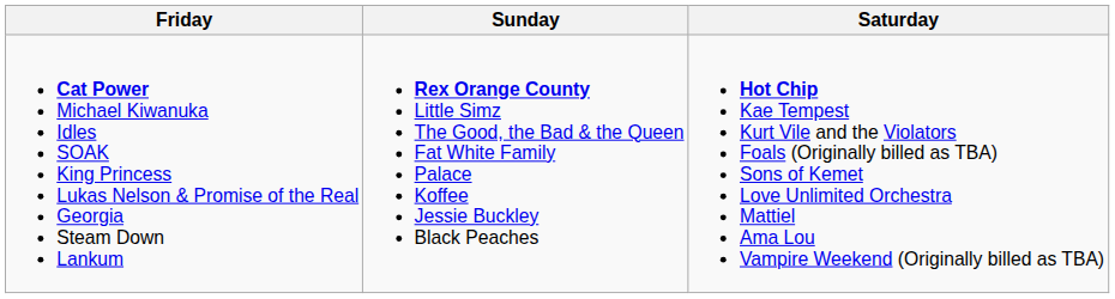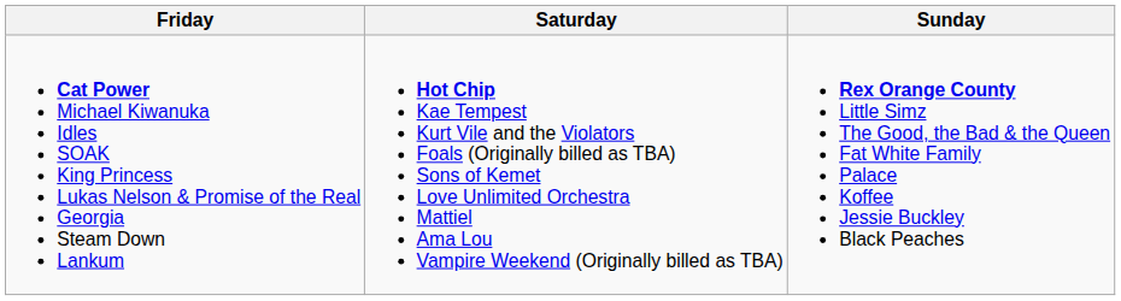 <table class="wikitable">
 <tr>
 <th>Friday</th>
+<th>Saturday</th>
 <th>Sunday</th>
-<th>Saturday</th>
 </tr>
 <tr valign="top">
 <td><br><ul><li><strong><a href='#'>Cat Power</a></strong></li><li><a href='#'>Michael Kiwanuka</a></li><li><a href='#'>Idles</a></li><li><a href='#'>SOAK</a></li><li><a href='#'>King Princess</a></li><li><a href='#'>Lukas Nelson & Promise of the Real</a></li><li><a href='#'>Georgia</a></li><li>Steam Down</li><li><a href='#'>Lankum</a></li></ul></td>
+<td><br><ul><li><strong><a href='#'>Hot Chip</a></strong></li><li><a href='#'>Kae Tempest</a></li><li><a href='#'>Kurt Vile</a> and the <a href='#'>Violators</a></li><li><a href='#'>Foals</a> (Originally billed as TBA)</li><li><a href='#'>Sons of Kemet</a></li><li><a href='#'>Love Unlimited Orchestra</a></li><li><a href='#'>Mattiel</a></li><li><a href='#'>Ama Lou</a></li><li><a href='#'>Vampire Weekend</a> (Originally billed as TBA)</li></ul></td>
 <td><br><ul><li><strong><a href='#'>Rex Orange County</a></strong></li><li><a href='#'>Little Simz</a></li><li><a href='#'>The Good, the Bad & the Queen</a></li><li><a href='#'>Fat White Family</a></li><li><a href='#'>Palace</a></li><li><a href='#'>Koffee</a></li><li><a href='#'>Jessie Buckley</a></li><li>Black Peaches</li></ul></td>
-<td><br><ul><li><strong><a href='#'>Hot Chip</a></strong></li><li><a href='#'>Kae Tempest</a></li><li><a href='#'>Kurt Vile</a> and the <a href='#'>Violators</a></li><li><a href='#'>Foals</a> (Originally billed as TBA)</li><li><a href='#'>Sons of Kemet</a></li><li><a href='#'>Love Unlimited Orchestra</a></li><li><a href='#'>Mattiel</a></li><li><a href='#'>Ama Lou</a></li><li><a href='#'>Vampire Weekend</a> (Originally billed as TBA)</li></ul></td>
 </tr>
 </table>
